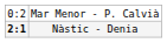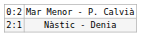 <table class="wikitable">
 <tr align=center bgcolor=white>
 <td>0:2</td>
 <td>Mar Menor - P. Calvià</td>
 </tr>
 <tr align=center bgcolor=#F5F5F5>
-<td><strong>2:1</strong></td>
+<td>2:1</td>
 <td>Nàstic - Denia</td>
 </tr>
 </table>
